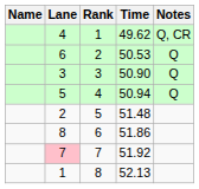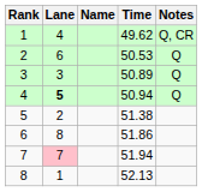 <table class="wikitable sortable" style="text-align:center">
 <tr>
+<th>Rank</th>
+<th>Lane</th>
 <th>Name</th>
-<th>Lane</th>
-<th>Rank</th>
 <th>Time</th>
 <th>Notes</th>
 </tr>
 <tr bgcolor=ccffcc>
+<td>1</td>
+<td>4</td>
 <td align=left></td>
-<td>4</td>
-<td>1</td>
 <td>49.62</td>
 <td>Q, CR</td>
 </tr>
 <tr bgcolor=ccffcc>
+<td>2</td>
+<td>6</td>
 <td align=left></td>
-<td>6</td>
-<td>2</td>
 <td>50.53</td>
 <td>Q</td>
 </tr>
 <tr bgcolor=ccffcc>
-<td align=left></td>
 <td>3</td>
 <td>3</td>
-<td>50.90</td>
+<td align=left></td>
+<td>50.89</td>
 <td>Q</td>
 </tr>
 <tr bgcolor=ccffcc>
+<td>4</td>
+<td><strong>5</strong></td>
 <td align=left></td>
-<td>5</td>
-<td>4</td>
 <td>50.94</td>
 <td>Q</td>
 </tr>
 <tr>
+<td>5</td>
+<td>2</td>
 <td align=left></td>
-<td>2</td>
-<td>5</td>
-<td>51.48</td>
+<td>51.38</td>
 <td></td>
 </tr>
 <tr>
+<td>6</td>
+<td>8</td>
 <td align=left></td>
-<td>8</td>
-<td>6</td>
 <td>51.86</td>
 <td></td>
 </tr>
 <tr>
+<td>7</td>
+<td style="background: pink;">7</td>
 <td align=left></td>
-<td style="background: pink;">7</td>
-<td>7</td>
-<td>51.92</td>
+<td>51.94</td>
 <td></td>
 </tr>
 <tr>
+<td>8</td>
+<td>1</td>
 <td align=left></td>
-<td>1</td>
-<td>8</td>
 <td>52.13</td>
 <td></td>
 </tr>
 </table>
